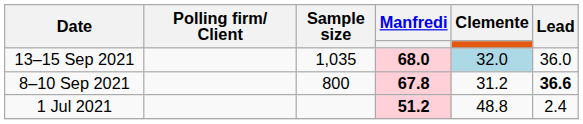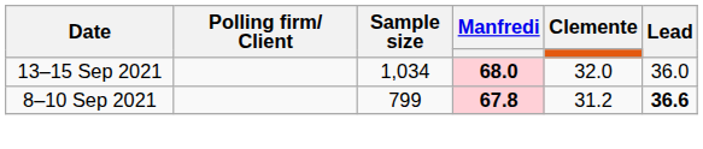 <table class=wikitable style="text-align:center;font-size:85%;line-height:13px">
 <tr style="height:30px; background-color:#E9E9E9">
 <th style="width:110px;" rowspan="2">Date</th>
 <th style="width:120px;" rowspan="2">Polling firm/<br>Client</th>
 <th style="width:60px;" rowspan="2">Sample size</th>
 <th style="width:55px;"><a href='#'>Manfredi</a></th>
 <th style="width:55px;">Clemente</th>
 <th style="width:30px;" rowspan="2">Lead</th>
 </tr>
 <tr>
 <th style="background:"></th>
 <th style="background:#E4590F;”"></th>
 </tr>
 <tr>
 <td>13–15 Sep 2021</td>
 <td></td>
-<td>1,035</td>
+<td>1,034</td>
 <td style="background:#FFD0D7"><strong>68.0</strong></td>
-<td style="background: lightblue;">32.0</td>
+<td>32.0</td>
 <td style="background:">36.0</td>
 </tr>
 <tr>
 <td>8–10 Sep 2021</td>
 <td></td>
-<td>800</td>
+<td>799</td>
 <td style="background:#FFD0D7"><strong>67.8</strong></td>
 <td>31.2</td>
 <td style="background:"><strong>36.6</strong></td>
 </tr>
 <tr>
-<td>1 Jul 2021</td>
-<td></td>
-<td></td>
-<td style="background:#FFD0D7"><strong>51.2</strong></td>
-<td>48.8</td>
-<td style="background:">2.4</td>
-</tr>
-<tr>
 </tr>
 </table>
